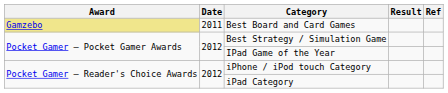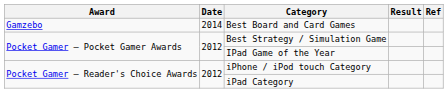 <table class="wikitable">
 <tr>
 <th>Award</th>
 <th>Date</th>
 <th>Category</th>
 <th>Result</th>
 <th>Ref</th>
 </tr>
 <tr>
-<td style="background: khaki;"><a href='#'>Gamzebo</a></td>
-<td style="text-align: center;">2011</td>
+<td><a href='#'>Gamzebo</a></td>
+<td style="text-align: center;">2014</td>
 <td>Best Board and Card Games</td>
 <td></td>
 <td></td>
 </tr>
 <tr>
 <td rowspan=2><a href='#'>Pocket Gamer</a> – Pocket Gamer Awards</td>
 <td rowspan=2 style="text-align: center;">2012</td>
 <td>Best Strategy / Simulation Game</td>
 <td></td>
 <td></td>
 </tr>
 <tr>
 <td>IPad Game of the Year</td>
 <td></td>
 <td></td>
 </tr>
 <tr>
 <td rowspan=2><a href='#'>Pocket Gamer</a> – Reader's Choice Awards</td>
 <td rowspan=2 style="text-align: center;">2012</td>
 <td>iPhone / iPod touch Category</td>
 <td></td>
 <td></td>
 </tr>
 <tr>
 <td>iPad Category</td>
 <td></td>
 <td></td>
 </tr>
 </table>
